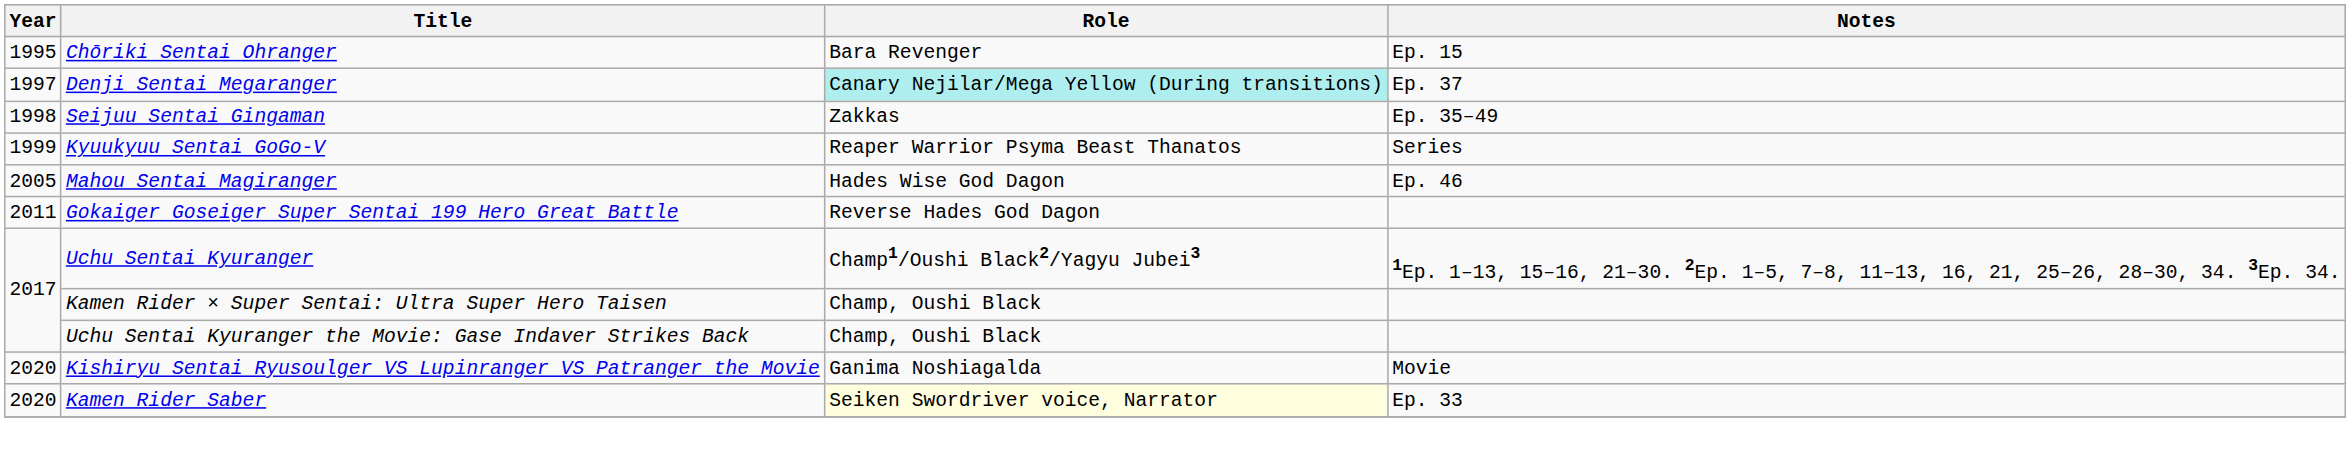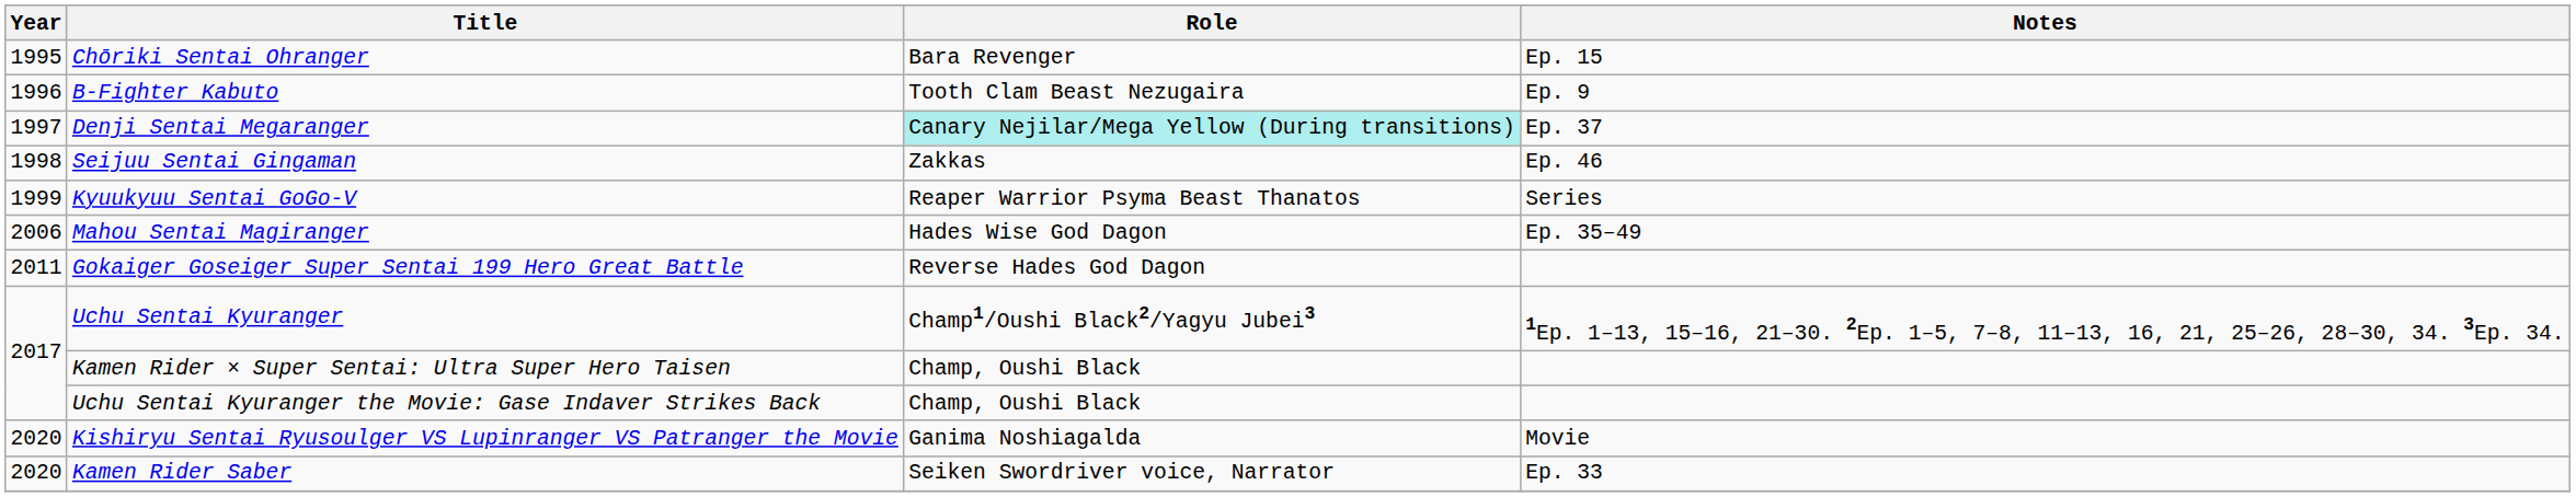 <table class="wikitable">
 <tr style="background:#B0C4DE;">
 <th>Year</th>
 <th>Title</th>
 <th>Role</th>
 <th>Notes</th>
 </tr>
 <tr>
 <td>1995</td>
 <td><em><a href='#'>Chōriki Sentai Ohranger</a></em></td>
 <td>Bara Revenger</td>
 <td>Ep. 15</td>
 </tr>
 <tr>
+<td>1996</td>
+<td><em><a href='#'>B-Fighter Kabuto</a></em></td>
+<td>Tooth Clam Beast Nezugaira</td>
+<td>Ep. 9</td>
+</tr>
+<tr>
 <td>1997</td>
 <td><em><a href='#'>Denji Sentai Megaranger</a></em></td>
 <td style="background: paleturquoise;">Canary Nejilar/Mega Yellow (During transitions)</td>
 <td>Ep. 37</td>
 </tr>
 <tr>
 <td>1998</td>
 <td><em><a href='#'>Seijuu Sentai Gingaman</a></em></td>
 <td>Zakkas</td>
-<td>Ep. 35–49</td>
+<td>Ep. 46</td>
 </tr>
 <tr>
 <td>1999</td>
 <td><em><a href='#'>Kyuukyuu Sentai GoGo-V</a></em></td>
 <td>Reaper Warrior Psyma Beast Thanatos</td>
 <td>Series</td>
 </tr>
 <tr>
-<td>2005</td>
+<td>2006</td>
 <td><em><a href='#'>Mahou Sentai Magiranger</a></em></td>
 <td>Hades Wise God Dagon</td>
-<td>Ep. 46</td>
+<td>Ep. 35–49</td>
 </tr>
 <tr>
 <td>2011</td>
 <td><em><a href='#'>Gokaiger Goseiger Super Sentai 199 Hero Great Battle</a></em></td>
 <td>Reverse Hades God Dagon</td>
 <td></td>
 </tr>
 <tr>
 <td rowspan="3">2017</td>
 <td><em><a href='#'>Uchu Sentai Kyuranger</a></em></td>
 <td>Champ<sup><strong>1</strong></sup>/Oushi Black<sup><strong>2</strong></sup>/Yagyu Jubei<sup><strong>3</strong></sup></td>
 <td><br><sup><strong>1</strong></sup>Ep. 1–13, 15–16, 21–30.  <sup><strong>2</strong></sup>Ep. 1–5, 7–8, 11–13, 16, 21, 25–26, 28–30, 34.  <sup><strong>3</strong></sup>Ep. 34.</td>
 </tr>
 <tr>
 <td><em>Kamen Rider × Super Sentai: Ultra Super Hero Taisen</em></td>
 <td>Champ, Oushi Black</td>
 <td></td>
 </tr>
 <tr>
 <td><em>Uchu Sentai Kyuranger the Movie: Gase Indaver Strikes Back</em></td>
 <td>Champ, Oushi Black</td>
 <td></td>
 </tr>
 <tr>
 <td>2020</td>
 <td><em><a href='#'>Kishiryu Sentai Ryusoulger VS Lupinranger VS Patranger the Movie</a></em></td>
 <td>Ganima Noshiagalda</td>
 <td>Movie</td>
 </tr>
 <tr>
 <td>2020</td>
 <td><em><a href='#'>Kamen Rider Saber</a></em></td>
-<td style="background: lightyellow;">Seiken Swordriver voice, Narrator</td>
+<td>Seiken Swordriver voice, Narrator</td>
 <td>Ep. 33</td>
 </tr>
 <tr>
 </tr>
 </table>
